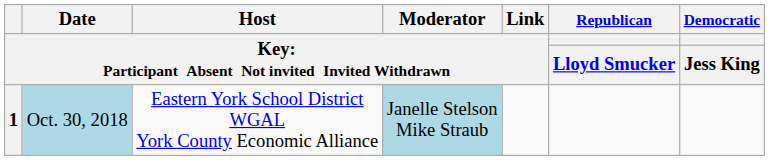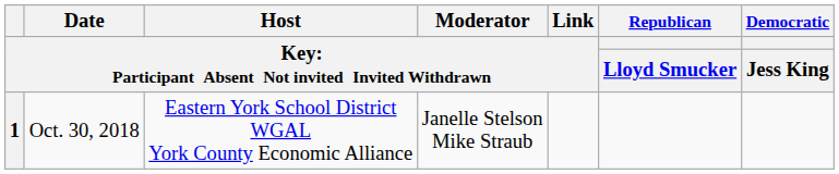 <table class="wikitable" style="text-align:center;">
 <tr>
 <th scope="col"></th>
 <th scope="col">Date</th>
 <th scope="col">Host</th>
 <th scope="col">Moderator</th>
 <th scope="col">Link</th>
 <th scope="col"><small><a href='#'>Republican</a></small></th>
 <th scope="col"><small><a href='#'>Democratic</a></small></th>
 </tr>
 <tr>
 <th colspan="5" rowspan="2">Key:<br> <small>Participant </small>  <small>Absent </small>  <small>Not invited </small>  <small>Invited  Withdrawn</small></th>
 <th scope="col" style="background:"></th>
 <th scope="col" style="background:"></th>
 </tr>
 <tr>
 <th scope="col"><a href='#'>Lloyd Smucker</a></th>
 <th scope="col">Jess King</th>
 </tr>
 <tr>
 <th>1</th>
-<td style="background: lightblue; white-space:nowrap;">Oct. 30, 2018</td>
+<td style="white-space:nowrap;">Oct. 30, 2018</td>
 <td style="white-space:nowrap;"><a href='#'>Eastern York School District</a><br><a href='#'>WGAL</a><br><a href='#'>York County</a> Economic Alliance</td>
-<td style="background: lightblue; white-space:nowrap;">Janelle Stelson<br>Mike Straub</td>
+<td style="white-space:nowrap;">Janelle Stelson<br>Mike Straub</td>
 <td style="white-space:nowrap;"></td>
 <td></td>
 <td></td>
 </tr>
 </table>
